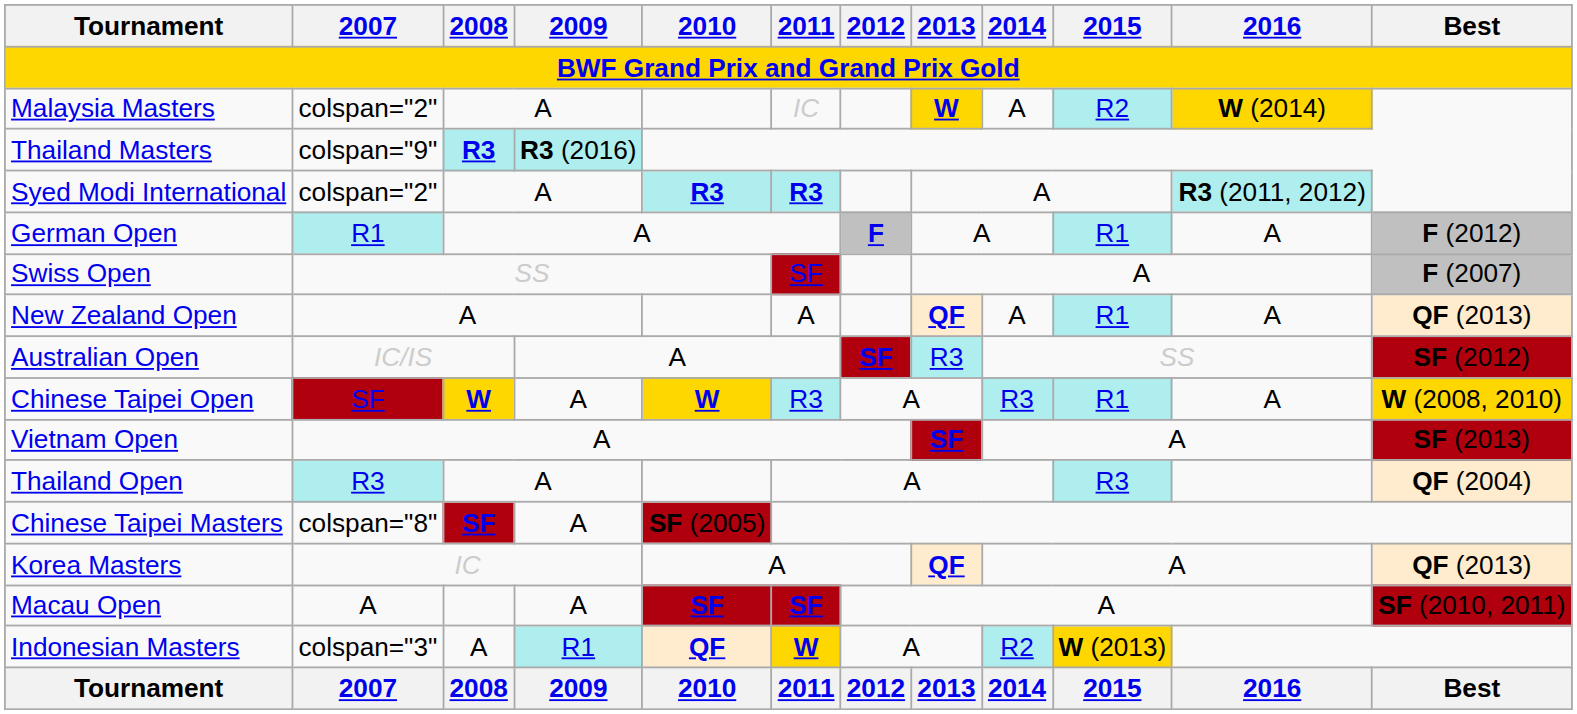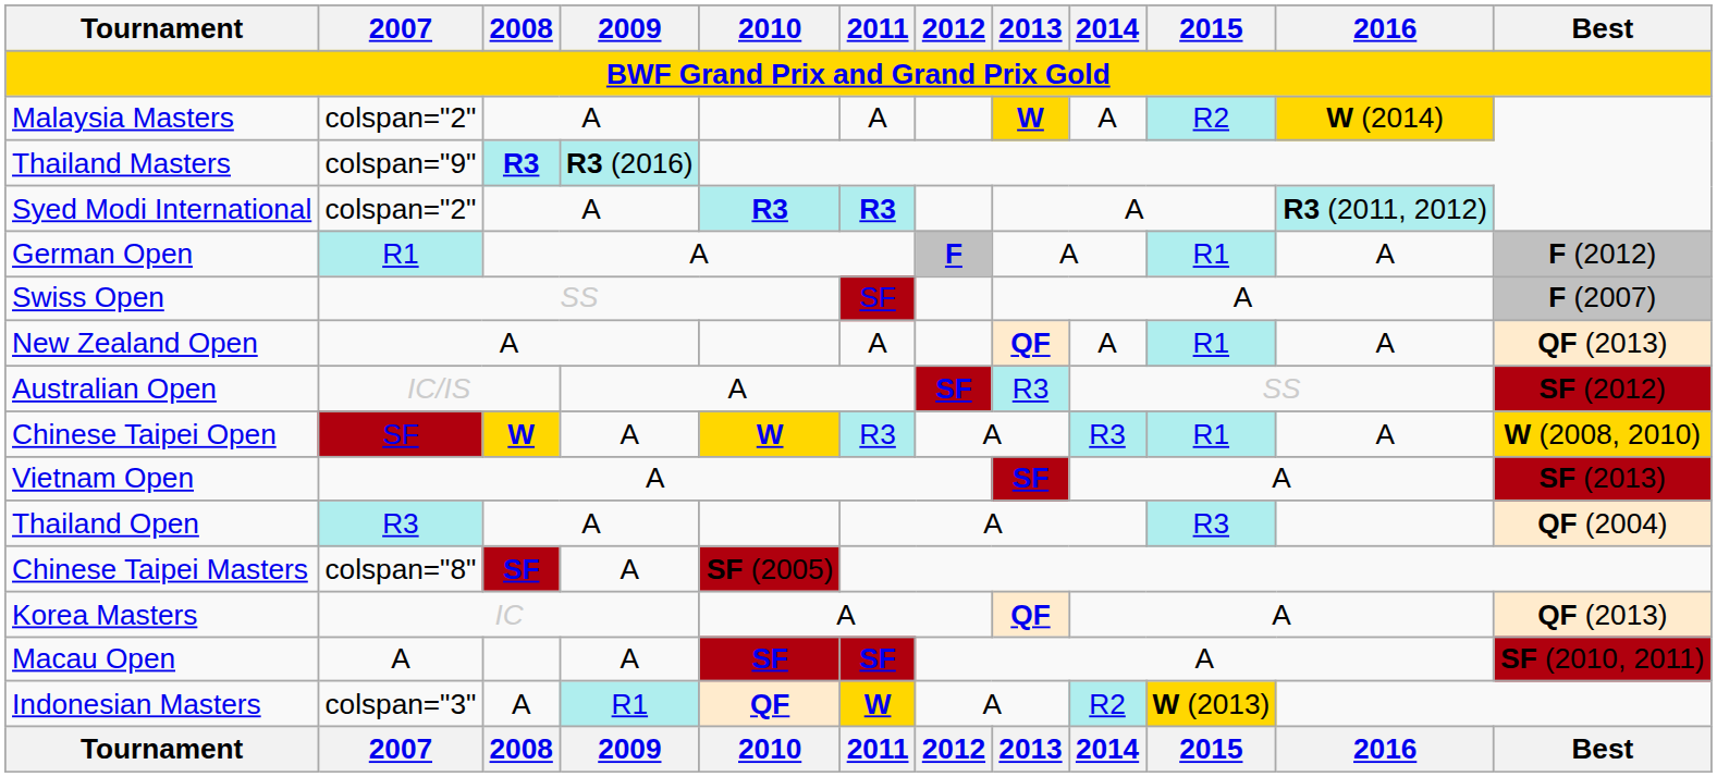 <table class="wikitable" style="font-size: 90%; text-align:center">
 <tr>
 <th>Tournament</th>
 <th><a href='#'>2007</a></th>
 <th><a href='#'>2008</a></th>
 <th><a href='#'>2009</a></th>
 <th><a href='#'>2010</a></th>
 <th><a href='#'>2011</a></th>
 <th><a href='#'>2012</a></th>
 <th><a href='#'>2013</a></th>
 <th><a href='#'>2014</a></th>
 <th><a href='#'>2015</a></th>
 <th><a href='#'>2016</a></th>
 <th>Best</th>
 </tr>
 <tr bgcolor=FFD700>
 <td colspan="12" align=center><strong><a href='#'>BWF Grand Prix and Grand Prix Gold</a></strong></td>
 </tr>
 <tr>
 <td align=left><a href='#'>Malaysia Masters</a></td>
 <td>colspan="2" </td>
 <td colspan="2">A</td>
 <td></td>
-<td style=color:#ccc><em>IC</em></td>
+<td>A</td>
 <td></td>
 <td bgcolor=gold><a href='#'><strong>W</strong></a></td>
 <td>A</td>
 <td bgcolor=AFEEEE><a href='#'>R2</a></td>
 <td bgcolor=gold><strong>W</strong> (2014)</td>
 </tr>
 <tr>
 <td align=left><a href='#'>Thailand Masters</a></td>
 <td>colspan="9" </td>
 <td bgcolor=AFEEEE><a href='#'><strong>R3</strong></a></td>
 <td bgcolor=AFEEEE><strong>R3</strong> (2016)</td>
 </tr>
 <tr>
 <td align=left><a href='#'>Syed Modi International</a></td>
 <td>colspan="2" </td>
 <td colspan="2">A</td>
 <td bgcolor=AFEEEE><a href='#'><strong>R3</strong></a></td>
 <td bgcolor=AFEEEE><a href='#'><strong>R3</strong></a></td>
 <td></td>
 <td colspan="3">A</td>
 <td bgcolor=AFEEEE><strong>R3</strong> (2011, 2012)</td>
 </tr>
 <tr>
 <td align=left><a href='#'>German Open</a></td>
 <td bgcolor=AFEEEE><a href='#'>R1</a></td>
 <td colspan="4">A</td>
 <td bgcolor=Silver><a href='#'><strong>F</strong></a></td>
 <td colspan="2">A</td>
 <td bgcolor=AFEEEE><a href='#'>R1</a></td>
 <td>A</td>
 <td bgcolor=Silver><strong>F</strong> (2012)</td>
 </tr>
 <tr>
 <td align=left><a href='#'>Swiss Open</a></td>
 <td colspan="4" style=color:#ccc><em>SS</em></td>
 <td bgcolor=Bronze><a href='#'>SF</a></td>
 <td></td>
 <td colspan="4">A</td>
 <td bgcolor=Silver><strong>F</strong> (2007)</td>
 </tr>
 <tr>
 <td align=left><a href='#'>New Zealand Open</a></td>
 <td colspan="3">A</td>
 <td></td>
 <td>A</td>
 <td></td>
 <td bgcolor=FFEBCD><a href='#'><strong>QF</strong></a></td>
 <td>A</td>
 <td bgcolor=AFEEEE><a href='#'>R1</a></td>
 <td>A</td>
 <td bgcolor=FFEBCD><strong>QF</strong> (2013)</td>
 </tr>
 <tr>
 <td align=left><a href='#'>Australian Open</a></td>
 <td colspan="2" style=color:#ccc><em>IC/IS</em></td>
 <td colspan="3">A</td>
 <td bgcolor=Bronze><a href='#'><strong>SF</strong></a></td>
 <td bgcolor=AFEEEE><a href='#'>R3</a></td>
 <td colspan="3" style=color:#ccc><em>SS</em></td>
 <td bgcolor=Bronze><strong>SF</strong> (2012)</td>
 </tr>
 <tr>
 <td align=left><a href='#'>Chinese Taipei Open</a></td>
 <td bgcolor=Bronze><a href='#'>SF</a></td>
 <td bgcolor=gold><a href='#'><strong>W</strong></a></td>
 <td>A</td>
 <td bgcolor=gold><a href='#'><strong>W</strong></a></td>
 <td bgcolor=AFEEEE><a href='#'>R3</a></td>
 <td colspan="2">A</td>
 <td bgcolor=AFEEEE><a href='#'>R3</a></td>
 <td bgcolor=AFEEEE><a href='#'>R1</a></td>
 <td>A</td>
 <td bgcolor=gold><strong>W</strong> (2008, 2010)</td>
 </tr>
 <tr>
 <td align=left><a href='#'>Vietnam Open</a></td>
 <td colspan="6">A</td>
 <td bgcolor=bronze><a href='#'><strong>SF</strong></a></td>
 <td colspan="3">A</td>
 <td bgcolor=bronze><strong>SF</strong> (2013)</td>
 </tr>
 <tr>
 <td align=left><a href='#'>Thailand Open</a></td>
 <td bgcolor=AFEEEE><a href='#'>R3</a></td>
 <td colspan="2">A</td>
 <td></td>
 <td colspan="4">A</td>
 <td bgcolor=AFEEEE><a href='#'>R3</a></td>
 <td></td>
 <td bgcolor=FFEBCD><strong>QF</strong> (2004)</td>
 </tr>
 <tr>
 <td align=left><a href='#'>Chinese Taipei Masters</a></td>
 <td>colspan="8" </td>
 <td bgcolor=Bronze><a href='#'><strong>SF</strong></a></td>
 <td>A</td>
 <td bgcolor=Bronze><strong>SF</strong> (2005)</td>
 </tr>
 <tr>
 <td align=left><a href='#'>Korea Masters</a></td>
 <td colspan="3" style=color:#ccc><em>IC</em></td>
 <td colspan="3">A</td>
 <td bgcolor=FFEBCD><a href='#'><strong>QF</strong></a></td>
 <td colspan="3">A</td>
 <td bgcolor=FFEBCD><strong>QF</strong> (2013)</td>
 </tr>
 <tr>
 <td align=left><a href='#'>Macau Open</a></td>
 <td>A</td>
 <td></td>
 <td>A</td>
 <td bgcolor=Bronze><a href='#'><strong>SF</strong></a></td>
 <td bgcolor=Bronze><a href='#'><strong>SF</strong></a></td>
 <td colspan="5">A</td>
 <td bgcolor=Bronze><strong>SF</strong> (2010, 2011)</td>
 </tr>
 <tr>
 <td align=left><a href='#'>Indonesian Masters</a></td>
 <td>colspan="3" </td>
 <td>A</td>
 <td bgcolor=AFEEEE><a href='#'>R1</a></td>
 <td bgcolor=FFEBCD><strong><a href='#'>QF</a></strong></td>
 <td bgcolor=Gold><a href='#'><strong>W</strong></a></td>
 <td colspan="2">A</td>
 <td bgcolor=AFEEEE><a href='#'>R2</a></td>
 <td bgcolor=Gold><strong>W</strong> (2013)</td>
 </tr>
 <tr>
 <th>Tournament</th>
 <th><a href='#'>2007</a></th>
 <th><a href='#'>2008</a></th>
 <th><a href='#'>2009</a></th>
 <th><a href='#'>2010</a></th>
 <th><a href='#'>2011</a></th>
 <th><a href='#'>2012</a></th>
 <th><a href='#'>2013</a></th>
 <th><a href='#'>2014</a></th>
 <th><a href='#'>2015</a></th>
 <th><a href='#'>2016</a></th>
 <th>Best</th>
 </tr>
 </table>
